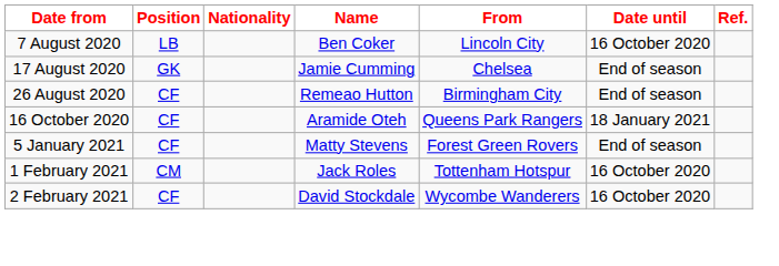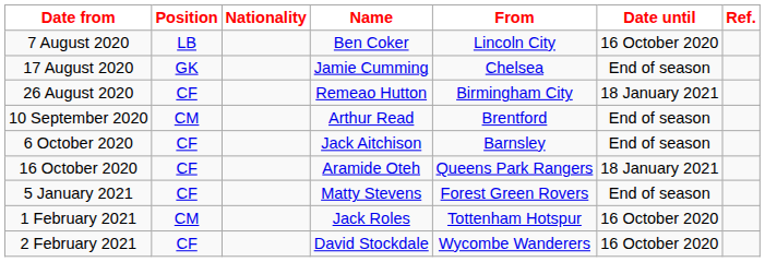 <table class="wikitable"  style="text-align:center; font-size:90%; ">
 <tr>
 <th style="background:white; color:red; ">Date from</th>
 <th style="background:white; color:red; ">Position</th>
 <th style="background:white; color:red; ">Nationality</th>
 <th style="background:white; color:red; ">Name</th>
 <th style="background:white; color:red; ">From</th>
 <th style="background:white; color:red; ">Date until</th>
 <th style="background:white; color:red; ">Ref.</th>
 </tr>
 <tr>
 <td>7 August 2020</td>
 <td><a href='#'>LB</a></td>
 <td></td>
 <td><a href='#'>Ben Coker</a></td>
 <td> <a href='#'>Lincoln City</a></td>
 <td>16 October 2020</td>
 <td></td>
 </tr>
 <tr>
 <td>17 August 2020</td>
 <td><a href='#'>GK</a></td>
 <td></td>
 <td><a href='#'>Jamie Cumming</a></td>
 <td> <a href='#'>Chelsea</a></td>
 <td>End of season</td>
 <td></td>
 </tr>
 <tr>
 <td>26 August 2020</td>
 <td><a href='#'>CF</a></td>
 <td></td>
 <td><a href='#'>Remeao Hutton</a></td>
 <td> <a href='#'>Birmingham City</a></td>
+<td>18 January 2021</td>
+<td></td>
+</tr>
+<tr>
+<td>10 September 2020</td>
+<td><a href='#'>CM</a></td>
+<td></td>
+<td><a href='#'>Arthur Read</a></td>
+<td> <a href='#'>Brentford</a></td>
+<td>End of season</td>
+<td></td>
+</tr>
+<tr>
+<td>6 October 2020</td>
+<td><a href='#'>CF</a></td>
+<td></td>
+<td><a href='#'>Jack Aitchison</a></td>
+<td> <a href='#'>Barnsley</a></td>
 <td>End of season</td>
 <td></td>
 </tr>
 <tr>
 <td>16 October 2020</td>
 <td><a href='#'>CF</a></td>
 <td></td>
 <td><a href='#'>Aramide Oteh</a></td>
 <td> <a href='#'>Queens Park Rangers</a></td>
 <td>18 January 2021</td>
 <td></td>
 </tr>
 <tr>
 <td>5 January 2021</td>
 <td><a href='#'>CF</a></td>
 <td></td>
 <td><a href='#'>Matty Stevens</a></td>
 <td> <a href='#'>Forest Green Rovers</a></td>
 <td>End of season</td>
 <td></td>
 </tr>
 <tr>
 <td>1 February 2021</td>
 <td><a href='#'>CM</a></td>
 <td></td>
 <td><a href='#'>Jack Roles</a></td>
 <td> <a href='#'>Tottenham Hotspur</a></td>
 <td>16 October 2020</td>
 <td></td>
 </tr>
 <tr>
 <td>2 February 2021</td>
 <td><a href='#'>CF</a></td>
 <td></td>
 <td><a href='#'>David Stockdale</a></td>
 <td> <a href='#'>Wycombe Wanderers</a></td>
 <td>16 October 2020</td>
 <td></td>
 </tr>
 </table>
